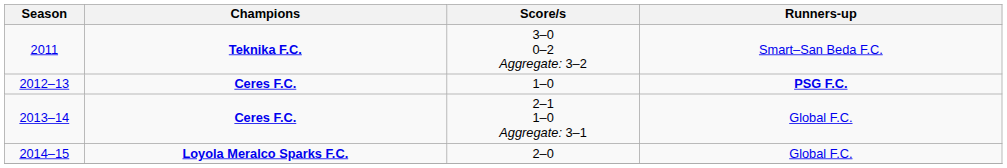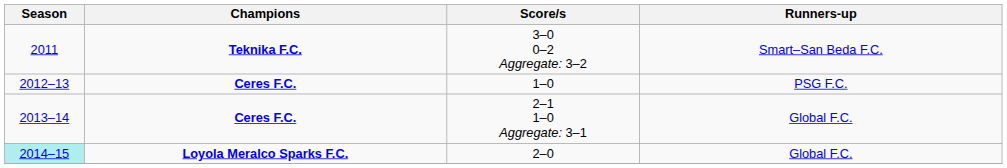 <table class=wikitable style="text-align:center;" cellpadding=3 cellspacing=0>
 <tr bgcolor=#efefef>
 <th width=2%>Season</th>
 <th width=15%>Champions</th>
 <th width=8%>Score/s</th>
 <th width=15%>Runners-up</th>
 </tr>
 <tr>
 <td><a href='#'>2011</a></td>
 <td><strong><a href='#'>Teknika F.C.</a></strong></td>
 <td>3–0<br>0–2<br><em>Aggregate:</em> 3–2</td>
 <td><a href='#'>Smart–San Beda F.C.</a></td>
 </tr>
 <tr>
 <td><a href='#'>2012–13</a></td>
 <td><strong><a href='#'>Ceres F.C.</a></strong></td>
 <td>1–0<br></td>
-<td><strong><a href='#'>PSG F.C.</a></strong></td>
+<td><a href='#'>PSG F.C.</a></td>
 </tr>
 <tr>
 <td><a href='#'>2013–14</a></td>
 <td><strong><a href='#'>Ceres F.C.</a></strong></td>
 <td>2–1<br>1–0<br><em>Aggregate:</em> 3–1</td>
 <td><a href='#'>Global F.C.</a></td>
 </tr>
 <tr>
-<td><a href='#'>2014–15</a></td>
+<td style="background: paleturquoise;"><a href='#'>2014–15</a></td>
 <td><strong><a href='#'>Loyola Meralco Sparks F.C.</a></strong></td>
 <td>2–0<br></td>
 <td><a href='#'>Global F.C.</a></td>
 </tr>
 <tr>
 </tr>
 </table>
